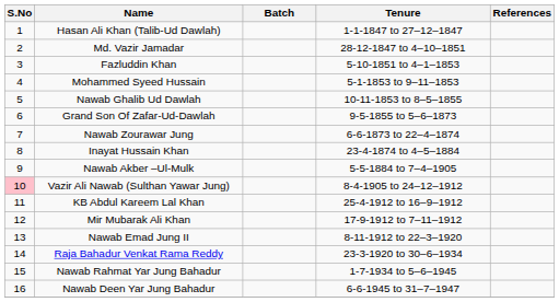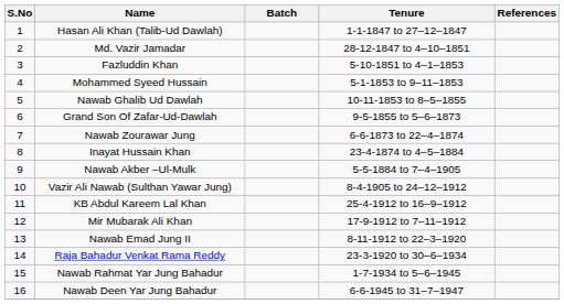 <table class="wikitable sortable" style="text-align:center">
 <tr style="background:#cccccc">
 <th scope="col" style="width: 20px;">S.No</th>
 <th scope="col" style="width: 300px;">Name</th>
 <th scope="col" style="width: 100px;">Batch</th>
 <th scope="col" style="width: 250px;">Tenure</th>
 <th scope="col" style="width: 50px;">References</th>
 </tr>
 <tr>
 <td>1</td>
 <td>Hasan Ali Khan (Talib-Ud Dawlah)</td>
 <td></td>
 <td>1-1-1847 to 27–12–1847</td>
 <td></td>
 </tr>
 <tr>
 <td>2</td>
 <td>Md. Vazir Jamadar</td>
 <td></td>
 <td>28-12-1847 to 4–10–1851</td>
 <td></td>
 </tr>
 <tr>
 <td>3</td>
 <td>Fazluddin Khan</td>
 <td></td>
 <td>5-10-1851 to 4–1–1853</td>
 <td></td>
 </tr>
 <tr>
 <td>4</td>
 <td>Mohammed Syeed Hussain</td>
 <td></td>
 <td>5-1-1853 to 9–11–1853</td>
 <td></td>
 </tr>
 <tr>
 <td>5</td>
 <td>Nawab Ghalib Ud Dawlah</td>
 <td></td>
 <td>10-11-1853 to 8–5–1855</td>
 <td></td>
 </tr>
 <tr>
 <td>6</td>
 <td>Grand Son Of Zafar-Ud-Dawlah</td>
 <td></td>
 <td>9-5-1855 to 5–6–1873</td>
 <td></td>
 </tr>
 <tr>
 <td>7</td>
 <td>Nawab Zourawar Jung</td>
 <td></td>
 <td>6-6-1873 to 22–4–1874</td>
 <td></td>
 </tr>
 <tr>
 <td>8</td>
 <td>Inayat Hussain Khan</td>
 <td></td>
 <td>23-4-1874 to 4–5–1884</td>
 <td></td>
 </tr>
 <tr>
 <td>9</td>
 <td>Nawab Akber –Ul-Mulk</td>
 <td></td>
 <td>5-5-1884 to 7–4–1905</td>
 <td></td>
 </tr>
 <tr>
-<td style="background: pink;">10</td>
+<td>10</td>
 <td>Vazir Ali Nawab (Sulthan Yawar Jung)</td>
 <td></td>
 <td>8-4-1905 to  24–12–1912</td>
 <td></td>
 </tr>
 <tr>
 <td>11</td>
 <td>KB Abdul Kareem Lal Khan</td>
 <td></td>
 <td>25-4-1912 to 16–9–1912</td>
 <td></td>
 </tr>
 <tr>
 <td>12</td>
 <td>Mir Mubarak Ali Khan</td>
 <td></td>
 <td>17-9-1912 to 7–11–1912</td>
 <td></td>
 </tr>
 <tr>
 <td>13</td>
 <td>Nawab Emad Jung II</td>
 <td></td>
 <td>8-11-1912 to 22–3–1920</td>
 <td></td>
 </tr>
 <tr>
 <td>14</td>
 <td><a href='#'>Raja Bahadur Venkat Rama Reddy</a></td>
 <td></td>
 <td>23-3-1920 to 30–6–1934</td>
 <td></td>
 </tr>
 <tr>
 <td>15</td>
 <td>Nawab Rahmat Yar Jung Bahadur</td>
 <td></td>
 <td>1-7-1934 to 5–6–1945</td>
 <td></td>
 </tr>
 <tr>
 <td>16</td>
 <td>Nawab Deen Yar Jung Bahadur</td>
 <td></td>
 <td>6-6-1945 to 31–7–1947</td>
 <td></td>
 </tr>
 <tr>
 </tr>
 </table>
